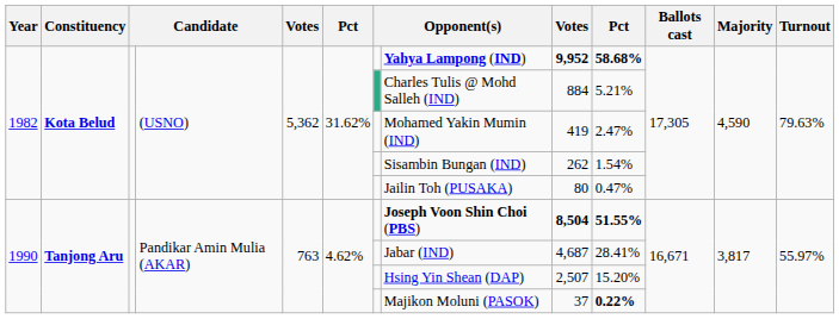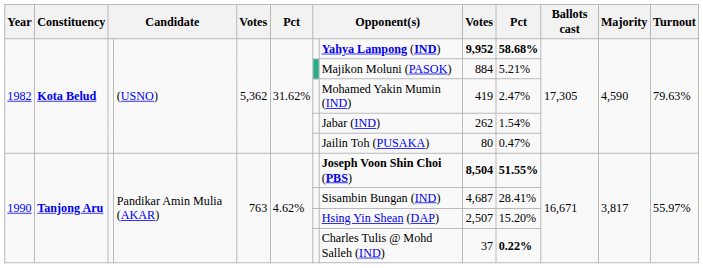 <table class="wikitable" style="margin:0.5em ; font-size:95%">
 <tr>
 <th>Year</th>
 <th>Constituency</th>
 <th colspan=2>Candidate</th>
 <th>Votes</th>
 <th>Pct</th>
 <th colspan=2>Opponent(s)</th>
 <th>Votes</th>
 <th>Pct</th>
 <th>Ballots cast</th>
 <th>Majority</th>
 <th>Turnout</th>
 </tr>
 <tr>
 <td rowspan=5><a href='#'>1982</a></td>
 <td rowspan=5><strong><a href='#'>Kota Belud</a></strong></td>
 <td rowspan=5 ></td>
 <td rowspan=5> (<a href='#'>USNO</a>)</td>
 <td rowspan=5 align="right">5,362</td>
 <td rowspan=5>31.62%</td>
 <td></td>
 <td><strong><a href='#'>Yahya Lampong</a></strong> (<a href='#'><strong>IND</strong></a>)</td>
 <td align="right"><strong>9,952</strong></td>
 <td><strong>58.68%</strong></td>
 <td rowspan=5>17,305</td>
 <td rowspan=5>4,590</td>
 <td rowspan=5>79.63%</td>
 </tr>
 <tr>
 <td style="background-color: #29AB87;"></td>
-<td>Charles Tulis @ Mohd Salleh (<a href='#'>IND</a>)</td>
+<td>Majikon Moluni (<a href='#'>PASOK</a>)</td>
 <td align="right">884</td>
 <td>5.21%</td>
 </tr>
 <tr>
 <td></td>
 <td>Mohamed Yakin Mumin (<a href='#'>IND</a>)</td>
 <td align="right">419</td>
 <td>2.47%</td>
 </tr>
 <tr>
 <td></td>
-<td>Sisambin Bungan (<a href='#'>IND</a>)</td>
+<td>Jabar (<a href='#'>IND</a>)</td>
 <td align="right">262</td>
 <td>1.54%</td>
 </tr>
 <tr>
 <td></td>
 <td>Jailin Toh (<a href='#'>PUSAKA</a>)</td>
 <td align="right">80</td>
 <td>0.47%</td>
 </tr>
 <tr>
 <td rowspan="4"><a href='#'>1990</a></td>
 <td rowspan="4"><strong><a href='#'>Tanjong Aru</a></strong></td>
 <td rowspan="4" ></td>
 <td rowspan="4">Pandikar Amin Mulia (<a href='#'>AKAR</a>)</td>
 <td rowspan="4" align="right">763</td>
 <td rowspan="4">4.62%</td>
 <td></td>
 <td><strong>Joseph Voon Shin Choi</strong> (<a href='#'><strong>PBS</strong></a>)</td>
 <td align="right"><strong>8,504</strong></td>
 <td><strong>51.55%</strong></td>
 <td rowspan=4>16,671</td>
 <td rowspan=4>3,817</td>
 <td rowspan=4>55.97%</td>
 </tr>
 <tr>
 <td></td>
-<td>Jabar (<a href='#'>IND</a>)</td>
+<td>Sisambin Bungan (<a href='#'>IND</a>)</td>
 <td align="right">4,687</td>
 <td>28.41%</td>
 </tr>
 <tr>
 <td></td>
 <td><a href='#'>Hsing Yin Shean</a> (<a href='#'>DAP</a>)</td>
 <td align="right">2,507</td>
 <td>15.20%</td>
 </tr>
 <tr>
 <td></td>
-<td>Majikon Moluni (<a href='#'>PASOK</a>)</td>
+<td>Charles Tulis @ Mohd Salleh (<a href='#'>IND</a>)</td>
 <td align="right">37</td>
 <td><strong>0.22%</strong></td>
 </tr>
 </table>
